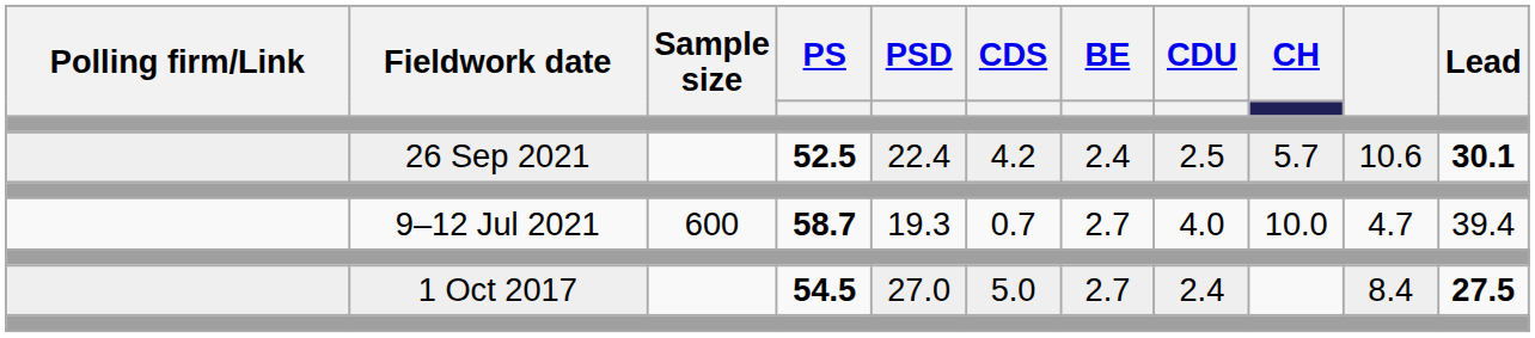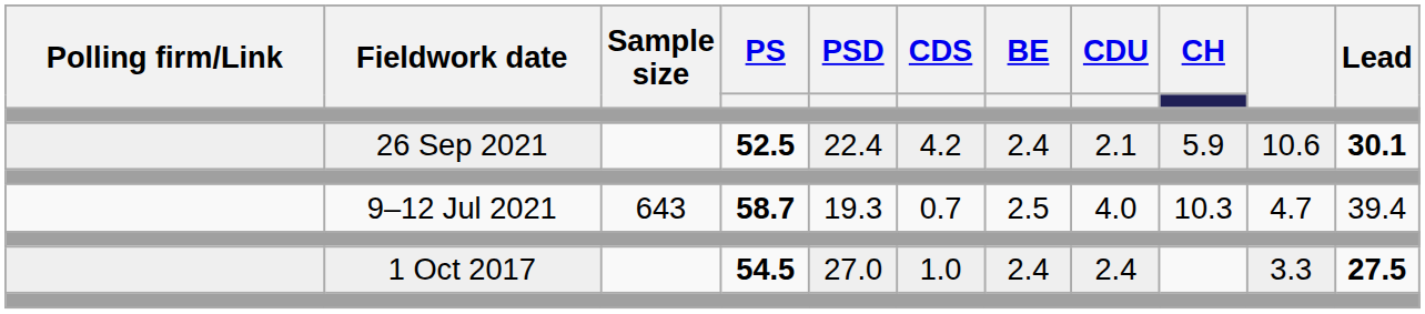 <table class="wikitable sortable mw-datatable" style="text-align:center;font-size:90%;line-height:16px;">
 <tr style="height:42px;">
 <th style="width:145px;" rowspan="2">Polling firm/Link</th>
 <th style="width:125px;" rowspan="2">Fieldwork date</th>
 <th class="unsortable" style="width:50px;" rowspan="2">Sample size</th>
 <th class="unsortable" style="width:35px;"><a href='#'>PS</a></th>
 <th class="unsortable" style="width:35px;"><a href='#'>PSD</a></th>
 <th class="unsortable" style="width:35px;"><a href='#'>CDS</a></th>
 <th class="unsortable" style="width:35px;"><a href='#'>BE</a></th>
 <th class="unsortable" style="width:35px;"><a href='#'>CDU</a></th>
 <th class="unsortable" style="width:35px;"><a href='#'>CH</a></th>
 <th class="unsortable" style="width:35px;" rowspan="2"></th>
 <th class="unsortable" style="width:30px;" rowspan="2">Lead</th>
 </tr>
 <tr>
 <th class="unsortable" style="color:inherit;background:"></th>
 <th class="unsortable" style="color:inherit;background:"></th>
 <th class="unsortable" style="color:inherit;background:"></th>
 <th class="unsortable" style="color:inherit;background:"></th>
 <th class="unsortable" style="color:inherit;background:"></th>
 <th class="sortable" style="background:#202056;"></th>
 </tr>
 <tr>
 <td colspan="12" style="background:#A0A0A0"></td>
 </tr>
 <tr>
 <td style="background:#EFEFEF;"><strong></strong></td>
 <td style="background:#EFEFEF;" data-sort-value="2019-10-06">26 Sep 2021</td>
 <td></td>
 <td><strong>52.5</strong><br></td>
 <td style="background:#EFEFEF;">22.4<br></td>
 <td style="background:#EFEFEF;">4.2<br></td>
 <td style="background:#EFEFEF;">2.4<br></td>
-<td style="background:#EFEFEF;">2.5<br></td>
-<td style="background:#EFEFEF;">5.7<br></td>
+<td style="background:#EFEFEF;">2.1<br></td>
+<td style="background:#EFEFEF;">5.9<br></td>
 <td style="background:#EFEFEF;">10.6<br></td>
 <td style="background:"><strong>30.1</strong></td>
 </tr>
 <tr>
 <td colspan="12" style="background:#A0A0A0"></td>
 </tr>
 <tr>
 <td align="center"></td>
 <td align="center">9–12 Jul 2021</td>
-<td align="center">600</td>
+<td align="center">643</td>
 <td align="center" ><strong>58.7</strong></td>
 <td align="center">19.3</td>
 <td align="center">0.7</td>
-<td align="center">2.7</td>
+<td align="center">2.5</td>
 <td align="center">4.0</td>
-<td align="center">10.0</td>
+<td align="center">10.3</td>
 <td align="center">4.7</td>
 <td style="background:">39.4</td>
 </tr>
 <tr>
 <td colspan="12" style="background:#A0A0A0"></td>
 </tr>
 <tr>
 <td style="background:#EFEFEF;"><strong></strong></td>
 <td style="background:#EFEFEF;" data-sort-value="2019-10-06">1 Oct 2017</td>
 <td></td>
 <td><strong>54.5</strong><br></td>
 <td style="background:#EFEFEF;">27.0<br></td>
-<td style="background:#EFEFEF;">5.0<br></td>
-<td style="background:#EFEFEF;">2.7<br></td>
+<td style="background:#EFEFEF;">1.0<br></td>
+<td style="background:#EFEFEF;">2.4<br></td>
 <td style="background:#EFEFEF;">2.4<br></td>
 <td></td>
-<td style="background:#EFEFEF;">8.4<br></td>
+<td style="background:#EFEFEF;">3.3<br></td>
 <td style="background:"><strong>27.5</strong></td>
 </tr>
 <tr>
 <td colspan="12" style="background:#A0A0A0"></td>
 </tr>
 </table>
